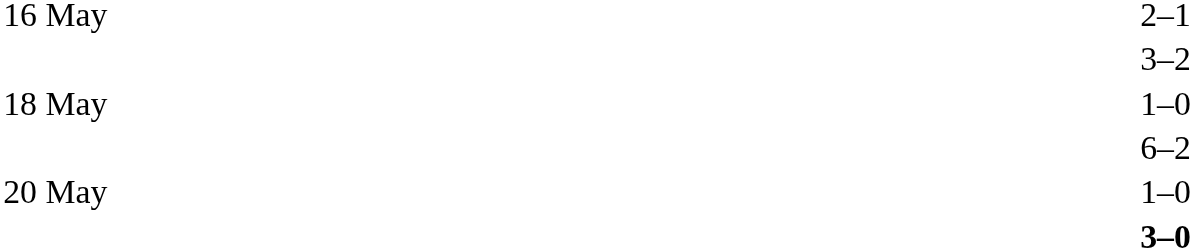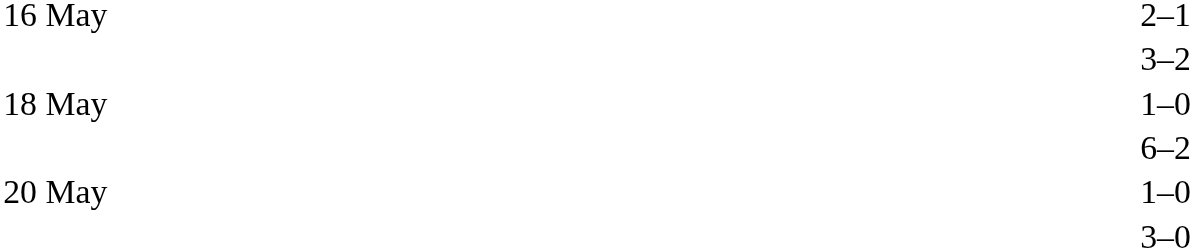 <table cellspacing=1 width=70%>
 <tr>
 <th width=25%></th>
 <th width=30%></th>
 <th width=15%></th>
 <th width=30%></th>
 </tr>
 <tr>
 <td>16 May</td>
 <td align=right></td>
 <td align=center>2–1</td>
 <td></td>
 </tr>
 <tr>
 <td></td>
 <td align=right></td>
 <td align=center>3–2</td>
 <td></td>
 </tr>
 <tr>
 <td>18 May</td>
 <td align=right></td>
 <td align=center>1–0</td>
 <td></td>
 </tr>
 <tr>
 <td></td>
 <td align=right></td>
 <td align=center>6–2</td>
 <td></td>
 </tr>
 <tr>
 <td>20 May</td>
 <td align=right></td>
 <td align=center>1–0</td>
 <td></td>
 </tr>
 <tr>
 <td></td>
 <td align=right></td>
-<td align=center><strong>3–0</strong></td>
+<td align=center>3–0</td>
 <td></td>
 </tr>
 </table>
